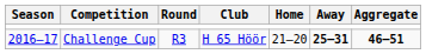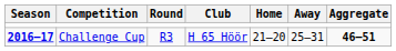 <table class="wikitable">
 <tr>
 <th>Season</th>
 <th>Competition</th>
 <th>Round</th>
 <th>Club</th>
 <th>Home</th>
 <th>Away</th>
 <th>Aggregate</th>
 </tr>
 <tr>
 <td colspan="7" bgcolor=white></td>
 </tr>
 <tr>
-<td><a href='#'>2016–17</a></td>
+<td><strong><a href='#'>2016–17</a></strong></td>
 <td><a href='#'>Challenge Cup</a></td>
 <td style="text-align:center;"><a href='#'>R3</a></td>
 <td> <a href='#'>H 65 Höör</a></td>
 <td style="text-align:center;">21–20</td>
-<td style="text-align:center;"><strong>25–31</strong></td>
+<td style="text-align:center;">25–31</td>
 <td style="text-align:center;"><strong>46–51</strong></td>
 </tr>
 </table>
